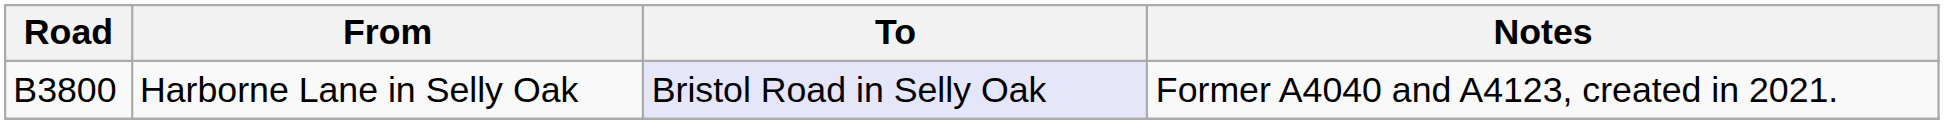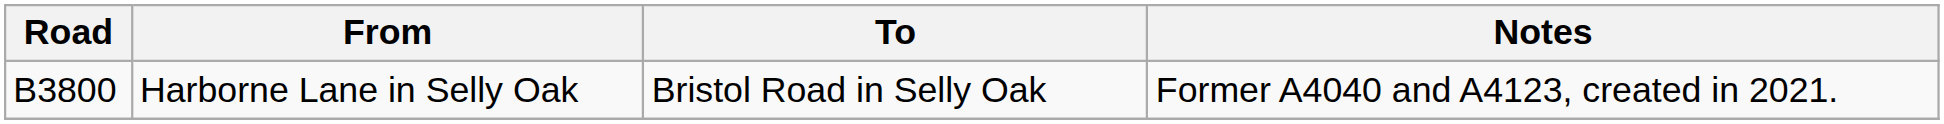 <table class="wikitable">
 <tr>
 <th style="width:50px">Road</th>
 <th style="width:250px">From</th>
 <th style="width:250px">To</th>
 <th style="width:400px">Notes</th>
 </tr>
 <tr>
 <td>B3800</td>
 <td>Harborne Lane in Selly Oak</td>
-<td style="background: lavender;">Bristol Road in Selly Oak</td>
+<td>Bristol Road in Selly Oak</td>
 <td>Former A4040 and A4123, created in 2021.</td>
 </tr>
 <tr>
 </tr>
 </table>
